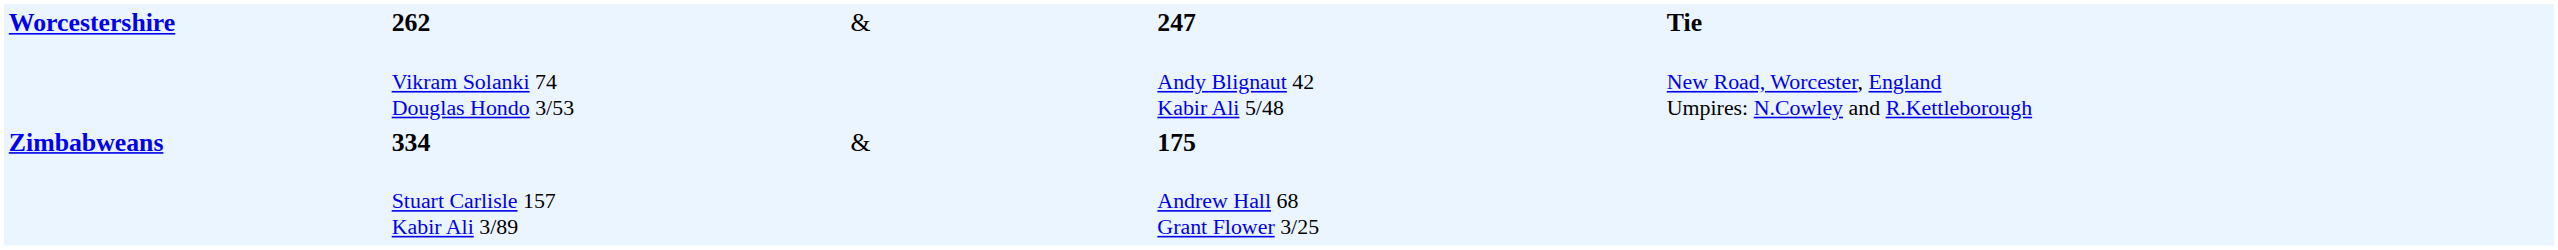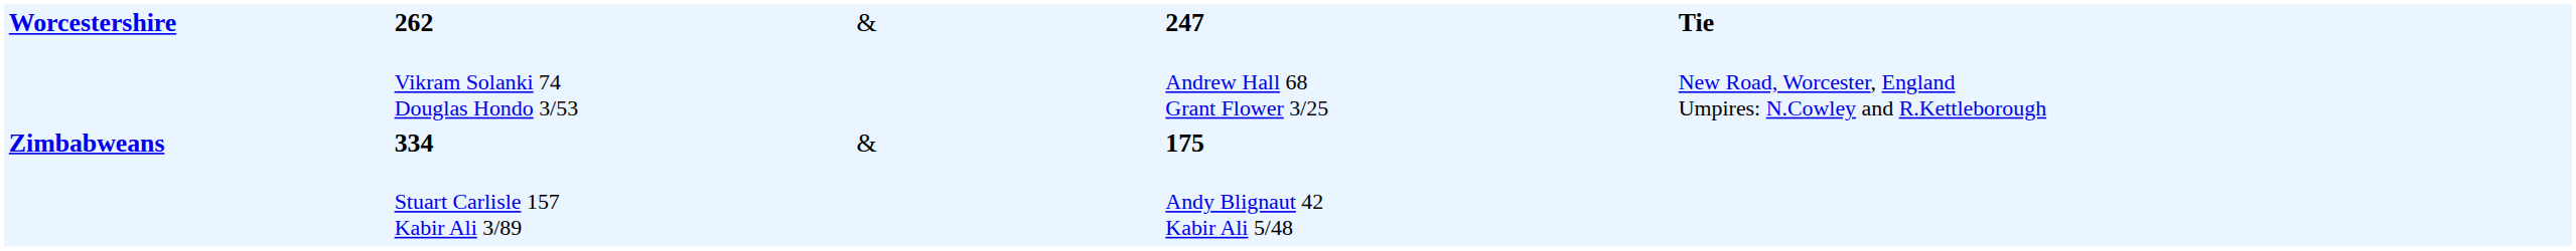 <table width="100%" style="background: #EBF5FF">
 <tr>
 <td width="15%" valign="top" rowspan="2"><strong><a href='#'>Worcestershire</a></strong></td>
 <td width="18%"><strong>262</strong></td>
 <td width="12%">&</td>
 <td width="20%"><strong>247</strong></td>
 <td width="35%"><strong>Tie</strong></td>
 </tr>
 <tr>
 <td style="font-size: 85%;" valign="top"><br><a href='#'>Vikram Solanki</a> 74<br> <a href='#'>Douglas Hondo</a> 3/53</td>
 <td></td>
-<td valign="top" style="font-size: 85%;"><br><a href='#'>Andy Blignaut</a> 42<br> <a href='#'>Kabir Ali</a> 5/48</td>
+<td style="font-size: 85%;"><br><a href='#'>Andrew Hall</a> 68<br> <a href='#'>Grant Flower</a> 3/25</td>
 <td valign="top" style="font-size: 85%;" rowspan="3"><br><a href='#'>New Road, Worcester</a>, <a href='#'>England</a><br> Umpires: <a href='#'>N.Cowley</a> and <a href='#'>R.Kettleborough</a></td>
 </tr>
 <tr>
 <td valign="top" rowspan="2"><strong><a href='#'>Zimbabweans</a></strong></td>
 <td><strong>334</strong></td>
 <td>&</td>
 <td><strong>175</strong></td>
 </tr>
 <tr>
 <td style="font-size: 85%;"><br><a href='#'>Stuart Carlisle</a> 157<br> <a href='#'>Kabir Ali</a> 3/89</td>
 <td></td>
-<td style="font-size: 85%;"><br><a href='#'>Andrew Hall</a> 68<br> <a href='#'>Grant Flower</a> 3/25</td>
+<td valign="top" style="font-size: 85%;"><br><a href='#'>Andy Blignaut</a> 42<br> <a href='#'>Kabir Ali</a> 5/48</td>
 </tr>
 </table>
